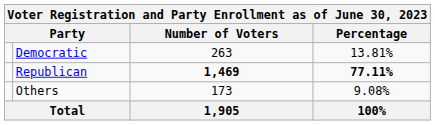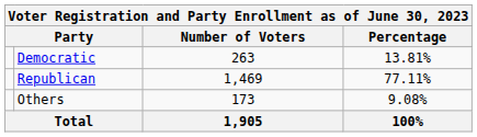 <table class=wikitable>
 <tr>
 <th colspan = 6>Voter Registration and Party Enrollment as of June 30, 2023</th>
 </tr>
 <tr>
 <th colspan = 2>Party</th>
 <th>Number of Voters</th>
 <th>Percentage</th>
 </tr>
 <tr>
 <td></td>
 <td><a href='#'>Democratic</a></td>
 <td align = center>263</td>
 <td align = center>13.81%</td>
 </tr>
 <tr>
 <td></td>
 <td><a href='#'>Republican</a></td>
-<td align = center><strong>1,469</strong></td>
-<td align = center><strong>77.11%</strong></td>
+<td align = center>1,469</td>
+<td align = center>77.11%</td>
 </tr>
 <tr>
 <td></td>
 <td>Others</td>
 <td align = center>173</td>
 <td align = center>9.08%</td>
 </tr>
 <tr>
 <th colspan = 2>Total</th>
 <th align = center>1,905</th>
 <th align = center>100%</th>
 </tr>
 </table>
